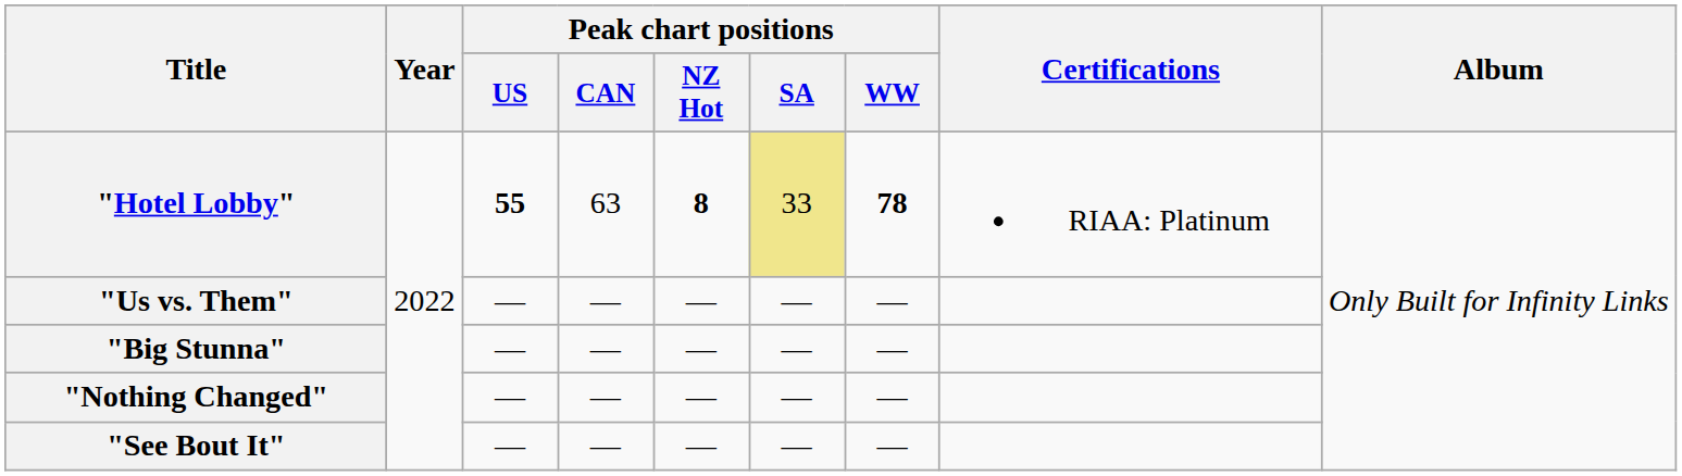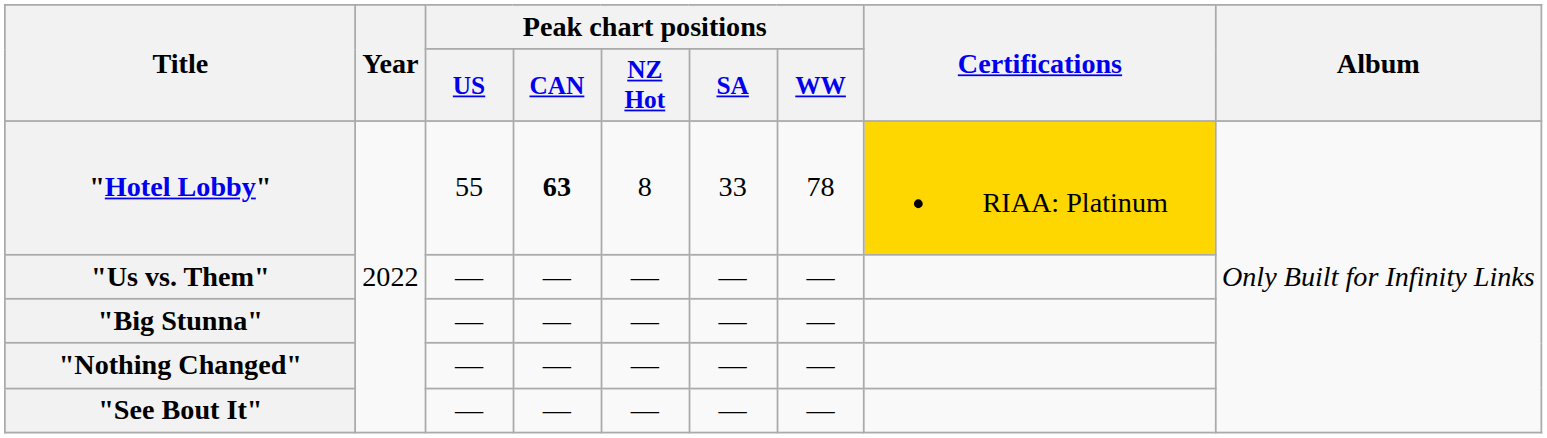 <table class="wikitable plainrowheaders" style="text-align:center;">
 <tr>
 <th scope="col" rowspan="2" style="width:12em;">Title</th>
 <th scope="col" rowspan="2">Year</th>
 <th scope="col" colspan="5">Peak chart positions</th>
 <th scope="col" rowspan="2" style="width:12em;"><a href='#'>Certifications</a></th>
 <th scope="col" rowspan="2">Album</th>
 </tr>
 <tr>
 <th scope="col" style="width:3em;font-size:90%;"><a href='#'>US</a><br></th>
 <th scope="col" style="width:3em;font-size:90%;"><a href='#'>CAN</a><br></th>
 <th scope="col" style="width:3em;font-size:90%;"><a href='#'>NZ<br>Hot</a><br></th>
 <th scope="col" style="width:3em;font-size:90%;"><a href='#'>SA</a><br></th>
 <th scope="col" style="width:3em;font-size:90%;"><a href='#'>WW</a><br></th>
 </tr>
 <tr>
 <th scope="row">"<a href='#'>Hotel Lobby</a>"</th>
 <td rowspan="5">2022</td>
-<td><strong>55</strong></td>
-<td>63</td>
-<td><strong>8</strong></td>
-<td style="background: khaki;">33</td>
-<td><strong>78</strong></td>
-<td><br><ul><li>RIAA: Platinum</li></ul></td>
+<td>55</td>
+<td><strong>63</strong></td>
+<td>8</td>
+<td>33</td>
+<td>78</td>
+<td style="background: gold;"><br><ul><li>RIAA: Platinum</li></ul></td>
 <td rowspan="5"><em>Only Built for Infinity Links</em></td>
 </tr>
 <tr>
 <th scope="row">"Us vs. Them"<br></th>
 <td>—</td>
 <td>—</td>
 <td>—</td>
 <td>—</td>
 <td>—</td>
 <td></td>
 </tr>
 <tr>
 <th scope="row">"Big Stunna"<br></th>
 <td>—</td>
 <td>—</td>
 <td>—</td>
 <td>—</td>
 <td>—</td>
 <td></td>
 </tr>
 <tr>
 <th scope="row">"Nothing Changed"</th>
 <td>—</td>
 <td>—</td>
 <td>—</td>
 <td>—</td>
 <td>—</td>
 <td></td>
 </tr>
 <tr>
 <th scope="row">"See Bout It"<br></th>
 <td>—</td>
 <td>—</td>
 <td>—</td>
 <td>—</td>
 <td>—</td>
 <td></td>
 </tr>
 </table>
